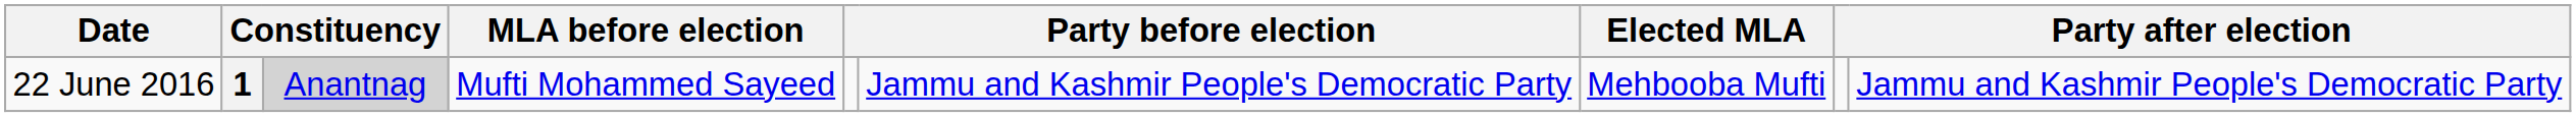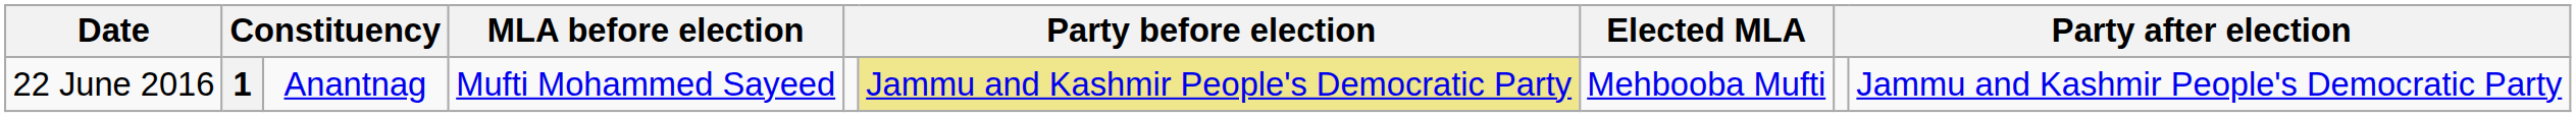 <table class="wikitable sortable" style="text-align:center;">
 <tr>
 <th>Date</th>
 <th colspan="2">Constituency</th>
 <th>MLA before election</th>
 <th colspan="2">Party before election</th>
 <th>Elected MLA</th>
 <th colspan="2">Party after election</th>
 </tr>
 <tr>
 <td>22 June 2016</td>
 <th>1</th>
-<td style="background: lightgrey;"><a href='#'>Anantnag</a></td>
+<td><a href='#'>Anantnag</a></td>
 <td><a href='#'>Mufti Mohammed Sayeed</a></td>
 <td></td>
-<td><a href='#'>Jammu and Kashmir People's Democratic Party</a></td>
+<td style="background: khaki;"><a href='#'>Jammu and Kashmir People's Democratic Party</a></td>
 <td><a href='#'>Mehbooba Mufti</a></td>
 <td></td>
 <td><a href='#'>Jammu and Kashmir People's Democratic Party</a></td>
 </tr>
 </table>
